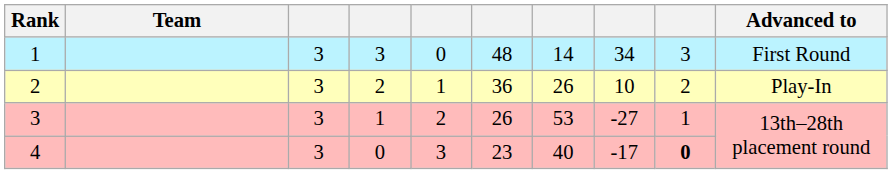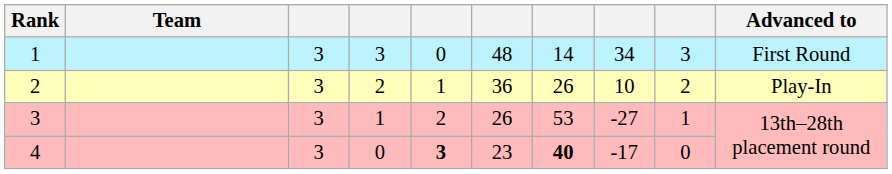 <table class="wikitable" style="text-align:center;">
 <tr>
 <th width=40>Rank</th>
 <th width=165>Team</th>
 <th width=40></th>
 <th width=40></th>
 <th width=40></th>
 <th width=40></th>
 <th width=40></th>
 <th width=40></th>
 <th width=40></th>
 <th width=125>Advanced to</th>
 </tr>
 <tr bgcolor=#bbf3ff>
 <td>1</td>
 <td style="text-align:left;"></td>
 <td>3</td>
 <td>3</td>
 <td>0</td>
 <td>48</td>
 <td>14</td>
 <td>34</td>
 <td>3</td>
 <td>First Round</td>
 </tr>
 <tr bgcolor=#ffffbb>
 <td>2</td>
 <td style="text-align:left;"></td>
 <td>3</td>
 <td>2</td>
 <td>1</td>
 <td>36</td>
 <td>26</td>
 <td>10</td>
 <td>2</td>
 <td>Play-In</td>
 </tr>
 <tr bgcolor=#ffbbbb>
 <td>3</td>
 <td style="text-align:left;"></td>
 <td>3</td>
 <td>1</td>
 <td>2</td>
 <td>26</td>
 <td>53</td>
 <td>-27</td>
 <td>1</td>
 <td rowspan=2>13th–28th placement round</td>
 </tr>
 <tr bgcolor=#ffbbbb>
 <td>4</td>
 <td style="text-align:left;"></td>
 <td>3</td>
 <td>0</td>
-<td>3</td>
+<td><strong>3</strong></td>
 <td>23</td>
-<td>40</td>
+<td><strong>40</strong></td>
 <td>-17</td>
-<td><strong>0</strong></td>
+<td>0</td>
 </tr>
 </table>
